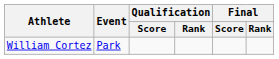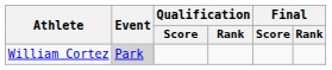 <table class="wikitable" style="font-size:90%">
 <tr>
 <th rowspan="2">Athlete</th>
 <th rowspan="2">Event</th>
 <th colspan="2">Qualification</th>
 <th colspan="2">Final</th>
 </tr>
 <tr style="font-size: 95%">
 <th>Score</th>
 <th>Rank</th>
 <th>Score</th>
 <th>Rank</th>
 </tr>
 <tr align=center>
 <td align=left><a href='#'>William Cortez</a></td>
-<td align=left><a href='#'>Park</a></td>
+<td align=left style="background: lightgrey;"><a href='#'>Park</a></td>
 <td></td>
 <td></td>
 <td></td>
 <td></td>
 </tr>
 </table>
